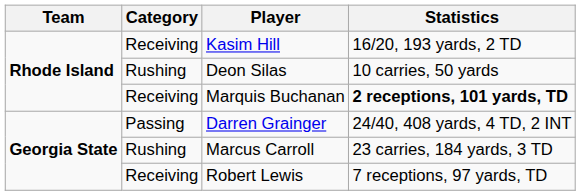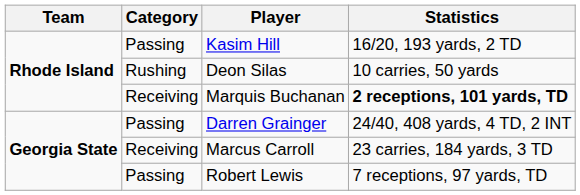 <table class="wikitable" style="float: right;">
 <tr>
 <th>Team</th>
 <th>Category</th>
 <th>Player</th>
 <th>Statistics</th>
 </tr>
 <tr>
 <td rowspan=3><strong>Rhode Island</strong></td>
-<td>Receiving</td>
+<td>Passing</td>
 <td><a href='#'>Kasim Hill</a></td>
 <td>16/20, 193 yards, 2 TD</td>
 </tr>
 <tr>
 <td>Rushing</td>
 <td>Deon Silas</td>
 <td>10 carries, 50 yards</td>
 </tr>
 <tr>
 <td>Receiving</td>
 <td>Marquis Buchanan</td>
 <td><strong>2 receptions, 101 yards, TD</strong></td>
 </tr>
 <tr>
 <td rowspan=3><strong>Georgia State</strong></td>
 <td>Passing</td>
 <td><a href='#'>Darren Grainger</a></td>
 <td>24/40, 408 yards, 4 TD, 2 INT</td>
 </tr>
 <tr>
-<td>Rushing</td>
+<td>Receiving</td>
 <td>Marcus Carroll</td>
 <td>23 carries, 184 yards, 3 TD</td>
 </tr>
 <tr>
-<td>Receiving</td>
+<td>Passing</td>
 <td>Robert Lewis</td>
 <td>7 receptions, 97 yards, TD</td>
 </tr>
 </table>
